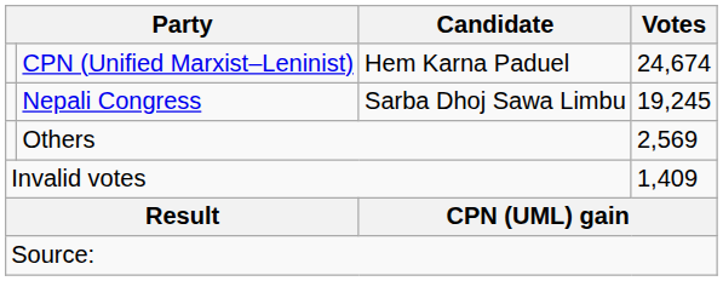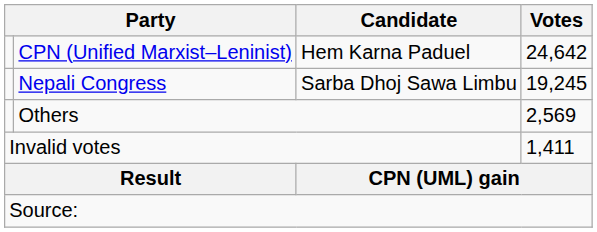 <table class="wikitable">
 <tr>
 <th colspan="2">Party</th>
 <th>Candidate</th>
 <th>Votes</th>
 </tr>
 <tr>
 <td style="background-color:"></td>
 <td><a href='#'>CPN (Unified Marxist–Leninist)</a></td>
 <td>Hem Karna Paduel</td>
-<td>24,674</td>
+<td>24,642</td>
 </tr>
 <tr>
 <td style="background-color:"></td>
 <td><a href='#'>Nepali Congress</a></td>
 <td>Sarba Dhoj Sawa Limbu</td>
 <td>19,245</td>
 </tr>
 <tr>
 <td></td>
 <td colspan="2">Others</td>
 <td>2,569</td>
 </tr>
 <tr>
 <td colspan="3">Invalid votes</td>
-<td>1,409</td>
+<td>1,411</td>
 </tr>
 <tr>
 <th colspan="2">Result</th>
 <th colspan="2">CPN (UML) gain</th>
 </tr>
 <tr>
 <td colspan="4">Source: </td>
 </tr>
 </table>
